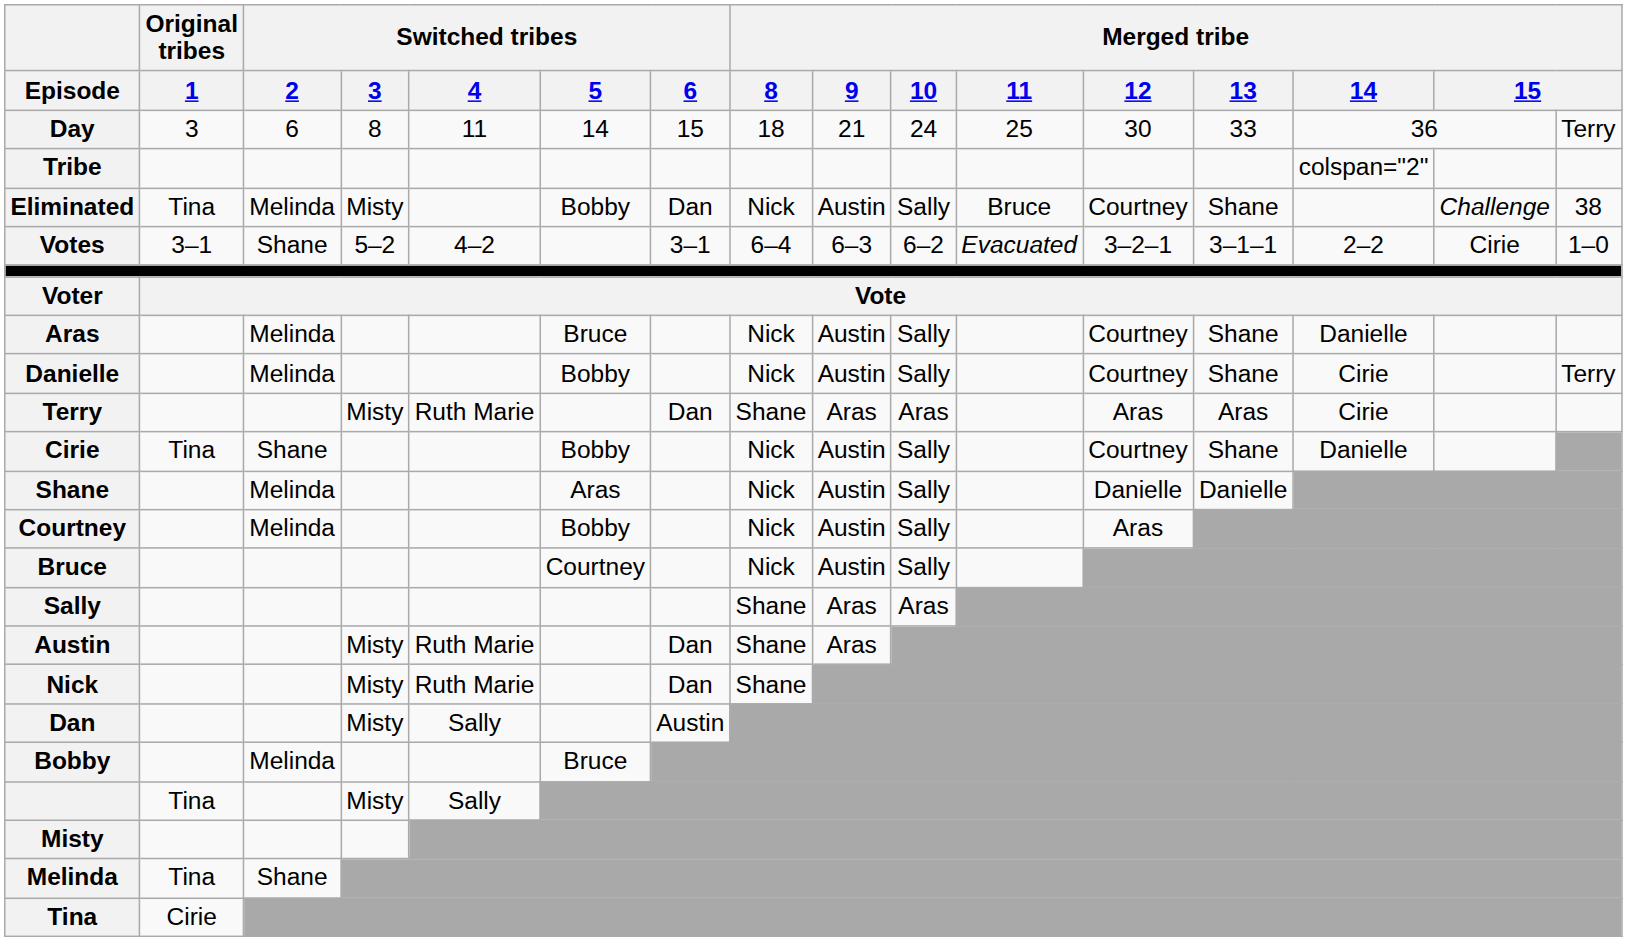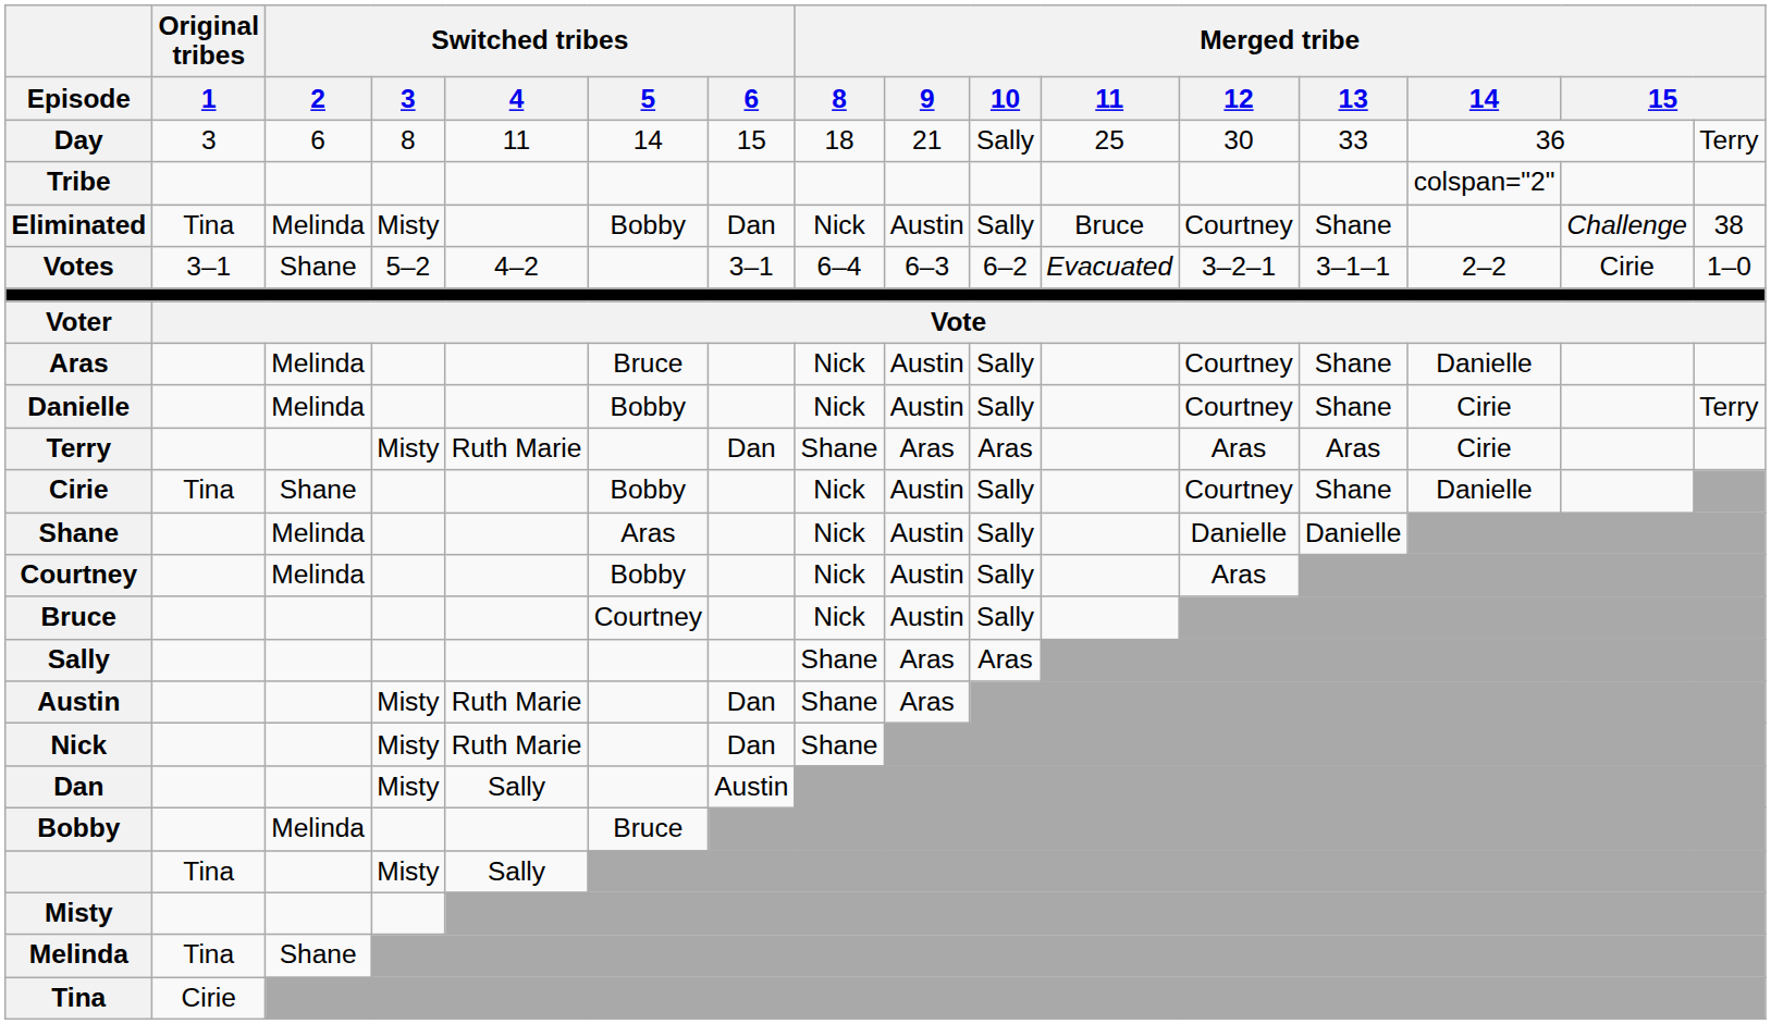 <table class="wikitable" style="text-align:center;">
 <tr>
 <th></th>
 <th>Original<br>tribes</th>
 <th colspan=5>Switched tribes</th>
 <th colspan=9>Merged tribe</th>
 </tr>
 <tr>
 <th>Episode</th>
 <th><a href='#'>1</a></th>
 <th><a href='#'>2</a></th>
 <th><a href='#'>3</a></th>
 <th><a href='#'>4</a></th>
 <th><a href='#'>5</a></th>
 <th><a href='#'>6</a></th>
 <th><a href='#'>8</a></th>
 <th><a href='#'>9</a></th>
 <th><a href='#'>10</a></th>
 <th><a href='#'>11</a></th>
 <th><a href='#'>12</a></th>
 <th><a href='#'>13</a></th>
 <th><a href='#'>14</a></th>
 <th colspan=2><a href='#'>15</a></th>
 </tr>
 <tr>
 <th>Day</th>
 <td>3</td>
 <td>6</td>
 <td>8</td>
 <td>11</td>
 <td>14</td>
 <td>15</td>
 <td>18</td>
 <td>21</td>
-<td>24</td>
+<td>Sally</td>
 <td>25</td>
 <td>30</td>
 <td>33</td>
 <td colspan="2">36</td>
 <td>Terry</td>
 </tr>
 <tr>
 <th>Tribe</th>
 <td></td>
 <td></td>
 <td></td>
 <td></td>
 <td></td>
 <td></td>
 <td></td>
 <td></td>
 <td></td>
 <td></td>
 <td></td>
 <td></td>
 <td>colspan="2" </td>
 <td></td>
 </tr>
 <tr>
 <th>Eliminated</th>
 <td>Tina</td>
 <td>Melinda</td>
 <td>Misty</td>
 <td></td>
 <td>Bobby</td>
 <td>Dan</td>
 <td>Nick</td>
 <td>Austin</td>
 <td>Sally</td>
 <td>Bruce</td>
 <td>Courtney</td>
 <td>Shane</td>
 <td></td>
 <td><em>Challenge</em></td>
 <td>38</td>
 </tr>
 <tr>
 <th>Votes</th>
 <td>3–1</td>
 <td>Shane</td>
 <td>5–2</td>
 <td>4–2</td>
 <td></td>
 <td>3–1</td>
 <td>6–4</td>
 <td>6–3</td>
 <td>6–2</td>
 <td><em>Evacuated</em></td>
 <td>3–2–1</td>
 <td>3–1–1</td>
 <td>2–2</td>
 <td>Cirie</td>
 <td>1–0</td>
 </tr>
 <tr>
 <td colspan=18 bgcolor=black></td>
 </tr>
 <tr>
 <th>Voter</th>
 <th colspan=15>Vote</th>
 </tr>
 <tr>
 <th>Aras</th>
 <td></td>
 <td>Melinda</td>
 <td></td>
 <td></td>
 <td>Bruce</td>
 <td></td>
 <td>Nick</td>
 <td>Austin</td>
 <td>Sally</td>
 <td></td>
 <td>Courtney</td>
 <td>Shane</td>
 <td>Danielle</td>
 <td></td>
 <td></td>
 </tr>
 <tr>
 <th>Danielle</th>
 <td></td>
 <td>Melinda</td>
 <td></td>
 <td></td>
 <td>Bobby</td>
 <td></td>
 <td>Nick</td>
 <td>Austin</td>
 <td>Sally</td>
 <td></td>
 <td>Courtney</td>
 <td>Shane</td>
 <td>Cirie</td>
 <td></td>
 <td>Terry</td>
 </tr>
 <tr>
 <th>Terry</th>
 <td></td>
 <td></td>
 <td>Misty</td>
 <td>Ruth Marie</td>
 <td></td>
 <td>Dan</td>
 <td>Shane</td>
 <td>Aras</td>
 <td>Aras</td>
 <td></td>
 <td>Aras</td>
 <td>Aras</td>
 <td>Cirie</td>
 <td></td>
 <td></td>
 </tr>
 <tr>
 <th>Cirie</th>
 <td>Tina</td>
 <td>Shane</td>
 <td></td>
 <td></td>
 <td>Bobby</td>
 <td></td>
 <td>Nick</td>
 <td>Austin</td>
 <td>Sally</td>
 <td></td>
 <td>Courtney</td>
 <td>Shane</td>
 <td>Danielle</td>
 <td></td>
 <td colspan=1 bgcolor="darkgray"></td>
 </tr>
 <tr>
 <th>Shane</th>
 <td></td>
 <td>Melinda</td>
 <td></td>
 <td></td>
 <td>Aras</td>
 <td></td>
 <td>Nick</td>
 <td>Austin</td>
 <td>Sally</td>
 <td></td>
 <td>Danielle</td>
 <td>Danielle</td>
 <td colspan=3 bgcolor="darkgray"></td>
 </tr>
 <tr>
 <th>Courtney</th>
 <td></td>
 <td>Melinda</td>
 <td></td>
 <td></td>
 <td>Bobby</td>
 <td></td>
 <td>Nick</td>
 <td>Austin</td>
 <td>Sally</td>
 <td></td>
 <td>Aras</td>
 <td colspan=4 bgcolor="darkgray"></td>
 </tr>
 <tr>
 <th>Bruce</th>
 <td></td>
 <td></td>
 <td></td>
 <td></td>
 <td>Courtney</td>
 <td></td>
 <td>Nick</td>
 <td>Austin</td>
 <td>Sally</td>
 <td></td>
 <td colspan=5 bgcolor="darkgray"></td>
 </tr>
 <tr>
 <th>Sally</th>
 <td></td>
 <td></td>
 <td></td>
 <td></td>
 <td></td>
 <td></td>
 <td>Shane</td>
 <td>Aras</td>
 <td>Aras</td>
 <td colspan=6 bgcolor="darkgray"></td>
 </tr>
 <tr>
 <th>Austin</th>
 <td></td>
 <td></td>
 <td>Misty</td>
 <td>Ruth Marie</td>
 <td></td>
 <td>Dan</td>
 <td>Shane</td>
 <td>Aras</td>
 <td colspan=7 bgcolor="darkgray"></td>
 </tr>
 <tr>
 <th>Nick</th>
 <td></td>
 <td></td>
 <td>Misty</td>
 <td>Ruth Marie</td>
 <td></td>
 <td>Dan</td>
 <td>Shane</td>
 <td colspan=8 bgcolor="darkgray"></td>
 </tr>
 <tr>
 <th>Dan</th>
 <td></td>
 <td></td>
 <td>Misty</td>
 <td>Sally</td>
 <td></td>
 <td>Austin</td>
 <td colspan=9 bgcolor="darkgray"></td>
 </tr>
 <tr>
 <th>Bobby</th>
 <td></td>
 <td>Melinda</td>
 <td></td>
 <td></td>
 <td>Bruce</td>
 <td colspan=10 bgcolor="darkgray"></td>
 </tr>
 <tr>
 <th></th>
 <td>Tina</td>
 <td></td>
 <td>Misty</td>
 <td>Sally</td>
 <td colspan=11 bgcolor="darkgray"></td>
 </tr>
 <tr>
 <th>Misty</th>
 <td></td>
 <td></td>
 <td></td>
 <td colspan=12 bgcolor="darkgray"></td>
 </tr>
 <tr>
 <th>Melinda</th>
 <td>Tina</td>
 <td>Shane</td>
 <td colspan=13 bgcolor="darkgray"></td>
 </tr>
 <tr>
 <th>Tina</th>
 <td>Cirie</td>
 <td colspan=14 bgcolor="darkgray"></td>
 </tr>
 <tr>
 </tr>
 </table>
